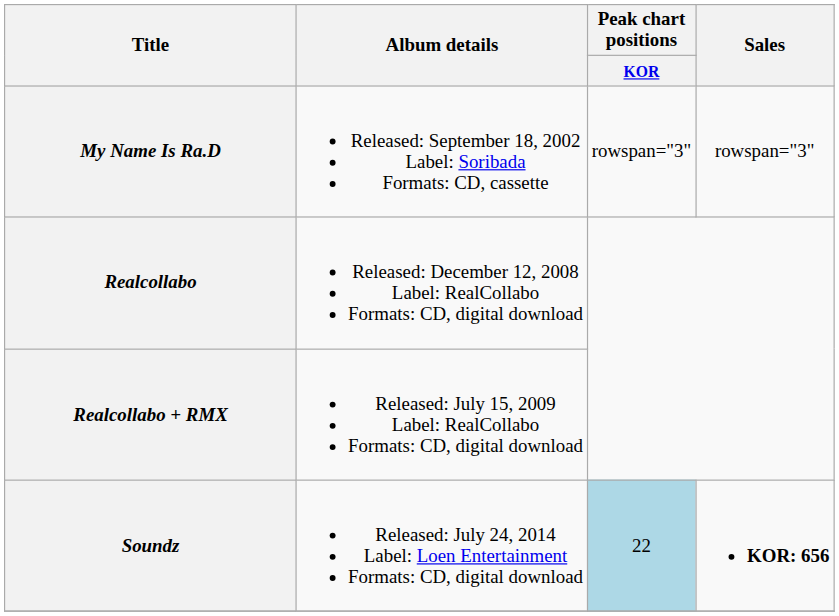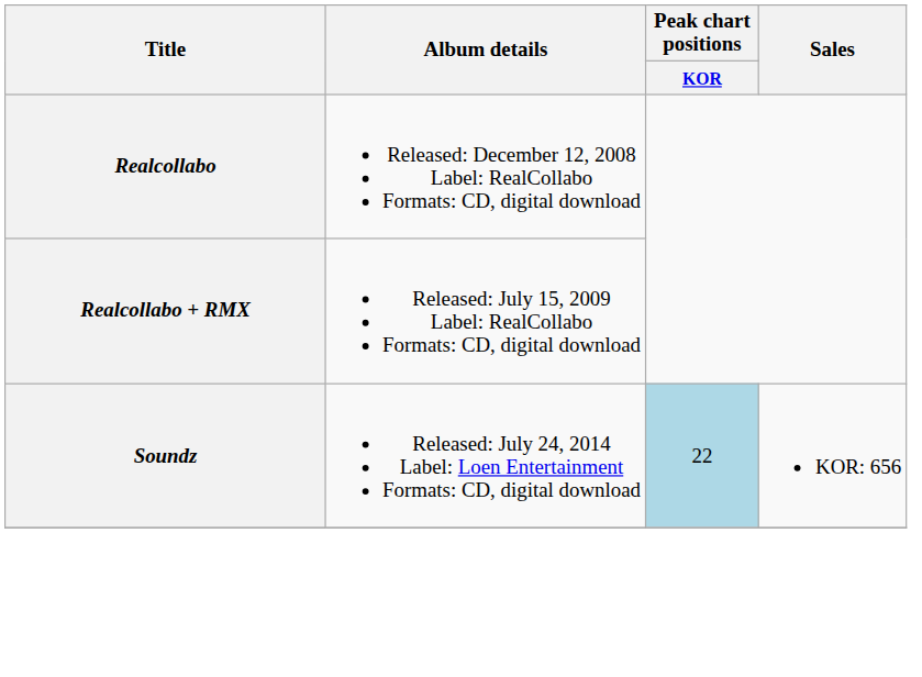 <table class="wikitable plainrowheaders" style="text-align:center;">
 <tr>
 <th scope="col" rowspan="2" style="width:15em;">Title</th>
 <th scope="col" rowspan="2">Album details</th>
 <th scope="col" colspan="1" style="width:5em;">Peak chart positions</th>
 <th scope="col" rowspan="2">Sales</th>
 </tr>
 <tr>
 <th><small><a href='#'>KOR</a></small><br></th>
-</tr>
-<tr>
-<th scope="row"><em>My Name Is Ra.D</em></th>
-<td><br><ul><li>Released: September 18, 2002</li><li>Label: <a href='#'>Soribada</a></li><li>Formats: CD, cassette</li></ul></td>
-<td>rowspan="3" </td>
-<td>rowspan="3" </td>
 </tr>
 <tr>
 <th scope="row"><em>Realcollabo</em></th>
 <td><br><ul><li>Released: December 12, 2008</li><li>Label: RealCollabo</li><li>Formats: CD, digital download</li></ul></td>
 </tr>
 <tr>
 <th scope="row"><em>Realcollabo + RMX</em></th>
 <td><br><ul><li>Released: July 15, 2009</li><li>Label: RealCollabo</li><li>Formats: CD, digital download</li></ul></td>
 </tr>
 <tr>
 <th scope="row"><em>Soundz</em></th>
 <td><br><ul><li>Released: July 24, 2014</li><li>Label: <a href='#'>Loen Entertainment</a></li><li>Formats: CD, digital download</li></ul></td>
 <td style="background: lightblue;">22</td>
-<td><strong><br><ul><li>KOR: 656</li></ul></strong></td>
+<td><br><ul><li>KOR: 656</li></ul></td>
 </tr>
 <tr>
 </tr>
 </table>
